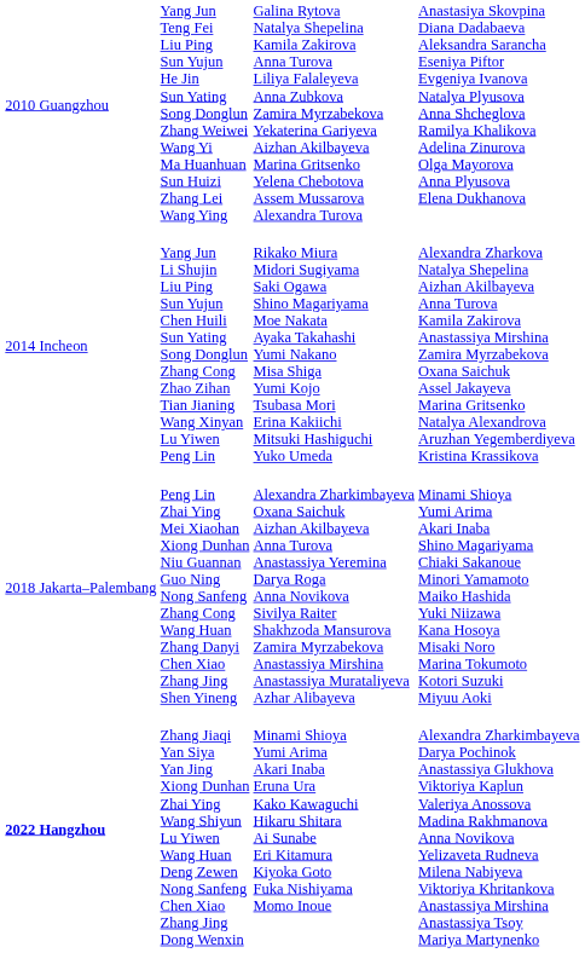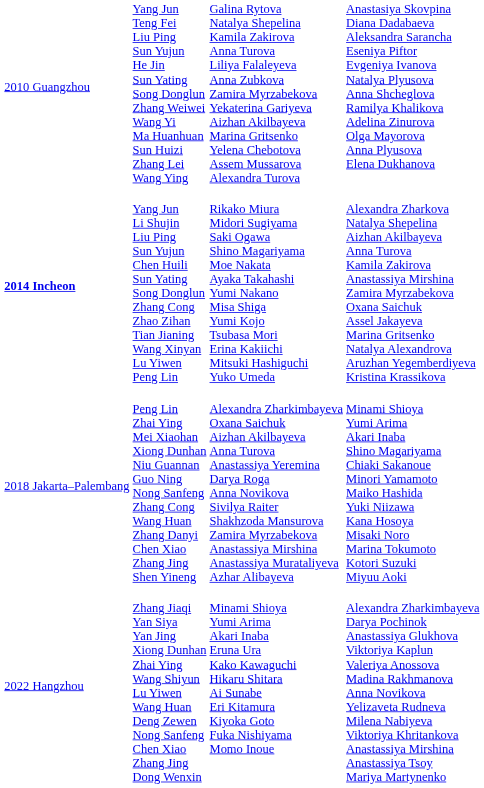 <table>
 <tr>
 <td><a href='#'>2010 Guangzhou</a></td>
 <td><br><a href='#'>Yang Jun</a><br><a href='#'>Teng Fei</a><br><a href='#'>Liu Ping</a><br><a href='#'>Sun Yujun</a><br><a href='#'>He Jin</a><br><a href='#'>Sun Yating</a><br><a href='#'>Song Donglun</a><br><a href='#'>Zhang Weiwei</a><br><a href='#'>Wang Yi</a><br><a href='#'>Ma Huanhuan</a><br><a href='#'>Sun Huizi</a><br><a href='#'>Zhang Lei</a><br><a href='#'>Wang Ying</a></td>
 <td><br><a href='#'>Galina Rytova</a><br><a href='#'>Natalya Shepelina</a><br><a href='#'>Kamila Zakirova</a><br><a href='#'>Anna Turova</a><br><a href='#'>Liliya Falaleyeva</a><br><a href='#'>Anna Zubkova</a><br><a href='#'>Zamira Myrzabekova</a><br><a href='#'>Yekaterina Gariyeva</a><br><a href='#'>Aizhan Akilbayeva</a><br><a href='#'>Marina Gritsenko</a><br><a href='#'>Yelena Chebotova</a><br><a href='#'>Assem Mussarova</a><br><a href='#'>Alexandra Turova</a></td>
 <td valign=top><br><a href='#'>Anastasiya Skovpina</a><br><a href='#'>Diana Dadabaeva</a><br><a href='#'>Aleksandra Sarancha</a><br><a href='#'>Eseniya Piftor</a><br><a href='#'>Evgeniya Ivanova</a><br><a href='#'>Natalya Plyusova</a><br><a href='#'>Anna Shcheglova</a><br><a href='#'>Ramilya Khalikova</a><br><a href='#'>Adelina Zinurova</a><br><a href='#'>Olga Mayorova</a><br><a href='#'>Anna Plyusova</a><br><a href='#'>Elena Dukhanova</a></td>
 </tr>
 <tr>
-<td><a href='#'>2014 Incheon</a></td>
+<td><strong><a href='#'>2014 Incheon</a></strong></td>
 <td><br><a href='#'>Yang Jun</a><br><a href='#'>Li Shujin</a><br><a href='#'>Liu Ping</a><br><a href='#'>Sun Yujun</a><br><a href='#'>Chen Huili</a><br><a href='#'>Sun Yating</a><br><a href='#'>Song Donglun</a><br><a href='#'>Zhang Cong</a><br><a href='#'>Zhao Zihan</a><br><a href='#'>Tian Jianing</a><br><a href='#'>Wang Xinyan</a><br><a href='#'>Lu Yiwen</a><br><a href='#'>Peng Lin</a></td>
 <td><br><a href='#'>Rikako Miura</a><br><a href='#'>Midori Sugiyama</a><br><a href='#'>Saki Ogawa</a><br><a href='#'>Shino Magariyama</a><br><a href='#'>Moe Nakata</a><br><a href='#'>Ayaka Takahashi</a><br><a href='#'>Yumi Nakano</a><br><a href='#'>Misa Shiga</a><br><a href='#'>Yumi Kojo</a><br><a href='#'>Tsubasa Mori</a><br><a href='#'>Erina Kakiichi</a><br><a href='#'>Mitsuki Hashiguchi</a><br><a href='#'>Yuko Umeda</a></td>
 <td><br><a href='#'>Alexandra Zharkova</a><br><a href='#'>Natalya Shepelina</a><br><a href='#'>Aizhan Akilbayeva</a><br><a href='#'>Anna Turova</a><br><a href='#'>Kamila Zakirova</a><br><a href='#'>Anastassiya Mirshina</a><br><a href='#'>Zamira Myrzabekova</a><br><a href='#'>Oxana Saichuk</a><br><a href='#'>Assel Jakayeva</a><br><a href='#'>Marina Gritsenko</a><br><a href='#'>Natalya Alexandrova</a><br><a href='#'>Aruzhan Yegemberdiyeva</a><br><a href='#'>Kristina Krassikova</a></td>
 </tr>
 <tr>
 <td><a href='#'>2018 Jakarta–Palembang</a></td>
 <td><br><a href='#'>Peng Lin</a><br><a href='#'>Zhai Ying</a><br><a href='#'>Mei Xiaohan</a><br><a href='#'>Xiong Dunhan</a><br><a href='#'>Niu Guannan</a><br><a href='#'>Guo Ning</a><br><a href='#'>Nong Sanfeng</a><br><a href='#'>Zhang Cong</a><br><a href='#'>Wang Huan</a><br><a href='#'>Zhang Danyi</a><br><a href='#'>Chen Xiao</a><br><a href='#'>Zhang Jing</a><br><a href='#'>Shen Yineng</a></td>
 <td><br><a href='#'>Alexandra Zharkimbayeva</a><br><a href='#'>Oxana Saichuk</a><br><a href='#'>Aizhan Akilbayeva</a><br><a href='#'>Anna Turova</a><br><a href='#'>Anastassiya Yeremina</a><br><a href='#'>Darya Roga</a><br><a href='#'>Anna Novikova</a><br><a href='#'>Sivilya Raiter</a><br><a href='#'>Shakhzoda Mansurova</a><br><a href='#'>Zamira Myrzabekova</a><br><a href='#'>Anastassiya Mirshina</a><br><a href='#'>Anastassiya Murataliyeva</a><br><a href='#'>Azhar Alibayeva</a></td>
 <td><br><a href='#'>Minami Shioya</a><br><a href='#'>Yumi Arima</a><br><a href='#'>Akari Inaba</a><br><a href='#'>Shino Magariyama</a><br><a href='#'>Chiaki Sakanoue</a><br><a href='#'>Minori Yamamoto</a><br><a href='#'>Maiko Hashida</a><br><a href='#'>Yuki Niizawa</a><br><a href='#'>Kana Hosoya</a><br><a href='#'>Misaki Noro</a><br><a href='#'>Marina Tokumoto</a><br><a href='#'>Kotori Suzuki</a><br><a href='#'>Miyuu Aoki</a></td>
 </tr>
 <tr>
-<td><strong><a href='#'>2022 Hangzhou</a></strong></td>
+<td><a href='#'>2022 Hangzhou</a></td>
 <td><br><a href='#'>Zhang Jiaqi</a><br><a href='#'>Yan Siya</a><br><a href='#'>Yan Jing</a><br><a href='#'>Xiong Dunhan</a><br><a href='#'>Zhai Ying</a><br><a href='#'>Wang Shiyun</a><br><a href='#'>Lu Yiwen</a><br><a href='#'>Wang Huan</a><br><a href='#'>Deng Zewen</a><br><a href='#'>Nong Sanfeng</a><br><a href='#'>Chen Xiao</a><br><a href='#'>Zhang Jing</a><br><a href='#'>Dong Wenxin</a></td>
 <td valign=top><br><a href='#'>Minami Shioya</a><br><a href='#'>Yumi Arima</a><br><a href='#'>Akari Inaba</a><br><a href='#'>Eruna Ura</a><br><a href='#'>Kako Kawaguchi</a><br><a href='#'>Hikaru Shitara</a><br><a href='#'>Ai Sunabe</a><br><a href='#'>Eri Kitamura</a><br><a href='#'>Kiyoka Goto</a><br><a href='#'>Fuka Nishiyama</a><br><a href='#'>Momo Inoue</a></td>
 <td><br><a href='#'>Alexandra Zharkimbayeva</a><br><a href='#'>Darya Pochinok</a><br><a href='#'>Anastassiya Glukhova</a><br><a href='#'>Viktoriya Kaplun</a><br><a href='#'>Valeriya Anossova</a><br><a href='#'>Madina Rakhmanova</a><br><a href='#'>Anna Novikova</a><br><a href='#'>Yelizaveta Rudneva</a><br><a href='#'>Milena Nabiyeva</a><br><a href='#'>Viktoriya Khritankova</a><br><a href='#'>Anastassiya Mirshina</a><br><a href='#'>Anastassiya Tsoy</a><br><a href='#'>Mariya Martynenko</a></td>
 </tr>
 </table>
